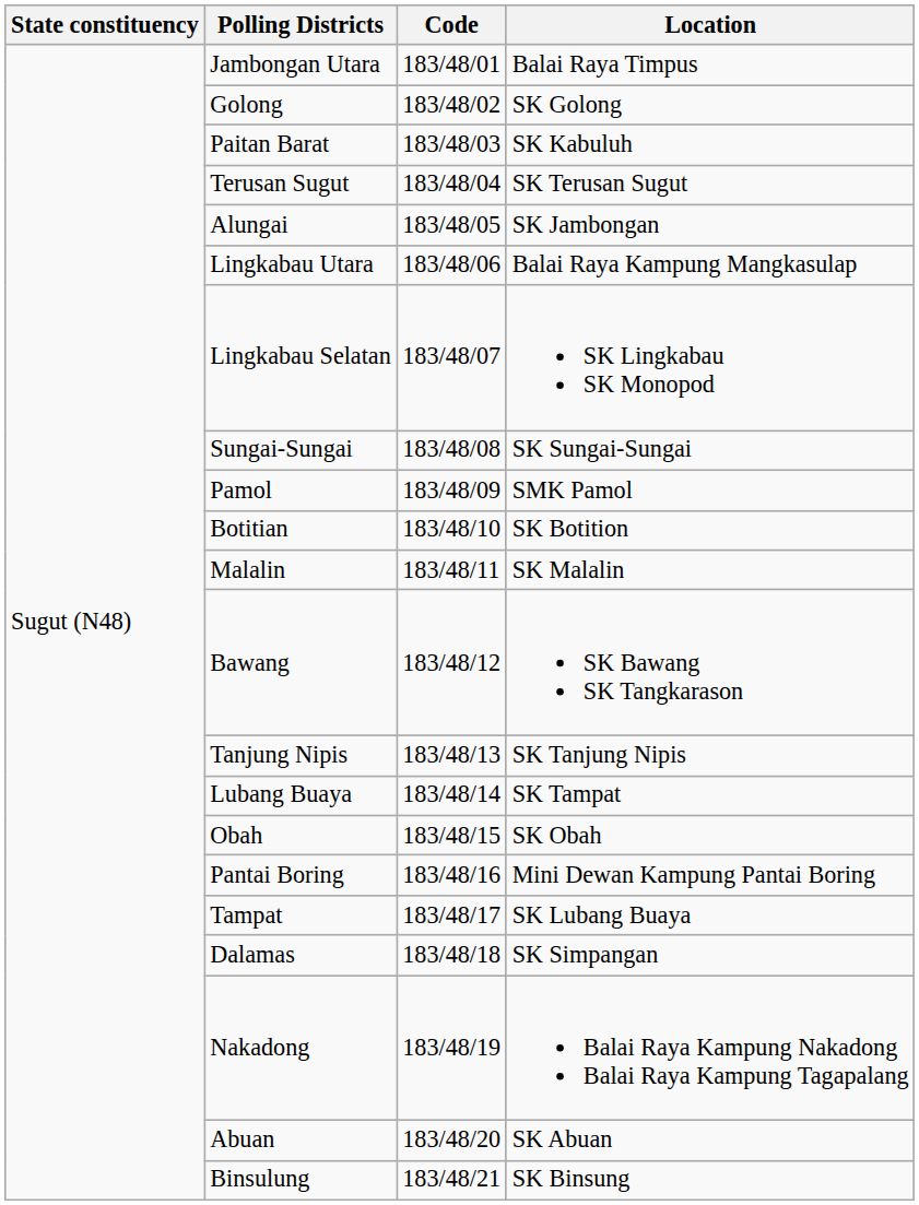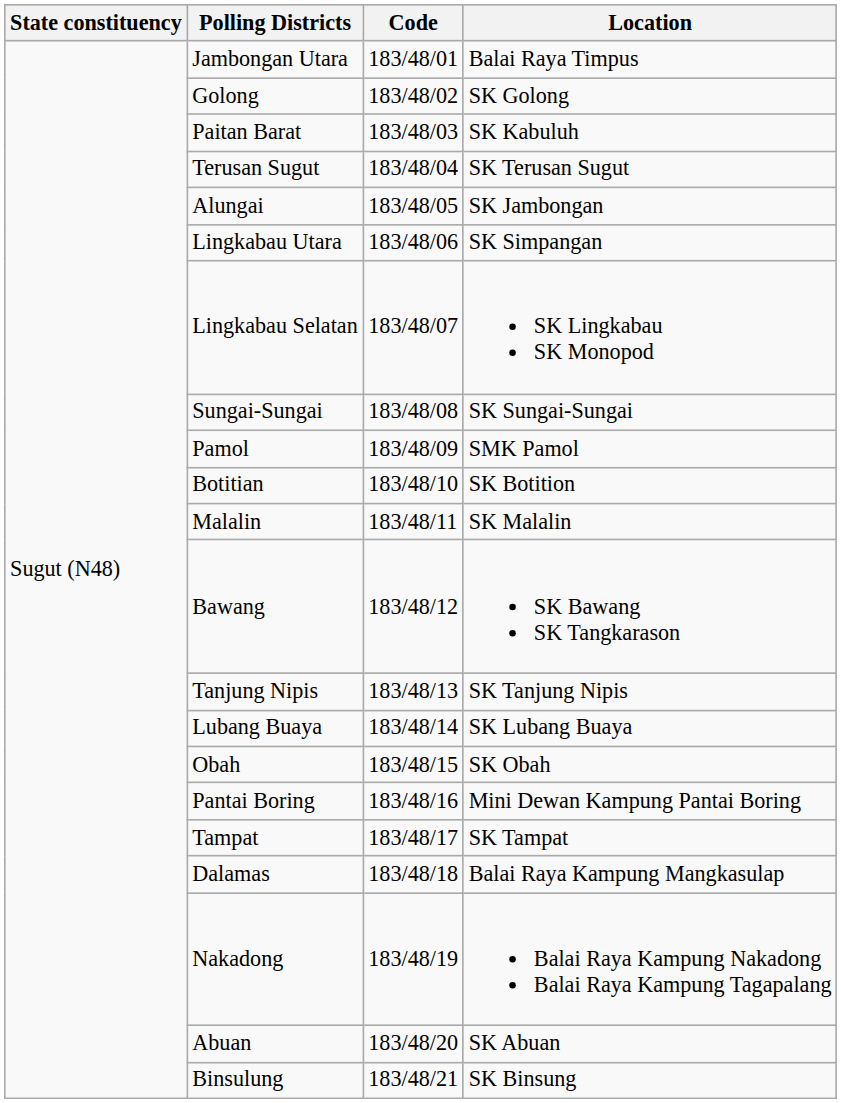 <table class="wikitable sortable mw-collapsible" style="white-space:nowrap;font-size:85%">
 <tr>
 <th>State constituency</th>
 <th>Polling Districts</th>
 <th>Code</th>
 <th>Location</th>
 </tr>
 <tr>
 <td rowspan="21">Sugut (N48)</td>
 <td>Jambongan Utara</td>
 <td>183/48/01</td>
 <td>Balai Raya Timpus</td>
 </tr>
 <tr>
 <td>Golong</td>
 <td>183/48/02</td>
 <td>SK Golong</td>
 </tr>
 <tr>
 <td>Paitan Barat</td>
 <td>183/48/03</td>
 <td>SK Kabuluh</td>
 </tr>
 <tr>
 <td>Terusan Sugut</td>
 <td>183/48/04</td>
 <td>SK Terusan Sugut</td>
 </tr>
 <tr>
 <td>Alungai</td>
 <td>183/48/05</td>
 <td>SK Jambongan</td>
 </tr>
 <tr>
 <td>Lingkabau Utara</td>
 <td>183/48/06</td>
-<td>Balai Raya Kampung Mangkasulap</td>
+<td>SK Simpangan</td>
 </tr>
 <tr>
 <td>Lingkabau Selatan</td>
 <td>183/48/07</td>
 <td><br><ul><li>SK Lingkabau</li><li>SK Monopod</li></ul></td>
 </tr>
 <tr>
 <td>Sungai-Sungai</td>
 <td>183/48/08</td>
 <td>SK Sungai-Sungai</td>
 </tr>
 <tr>
 <td>Pamol</td>
 <td>183/48/09</td>
 <td>SMK Pamol</td>
 </tr>
 <tr>
 <td>Botitian</td>
 <td>183/48/10</td>
 <td>SK Botition</td>
 </tr>
 <tr>
 <td>Malalin</td>
 <td>183/48/11</td>
 <td>SK Malalin</td>
 </tr>
 <tr>
 <td>Bawang</td>
 <td>183/48/12</td>
 <td><br><ul><li>SK Bawang</li><li>SK Tangkarason</li></ul></td>
 </tr>
 <tr>
 <td>Tanjung Nipis</td>
 <td>183/48/13</td>
 <td>SK Tanjung Nipis</td>
 </tr>
 <tr>
 <td>Lubang Buaya</td>
 <td>183/48/14</td>
-<td>SK Tampat</td>
+<td>SK Lubang Buaya</td>
 </tr>
 <tr>
 <td>Obah</td>
 <td>183/48/15</td>
 <td>SK Obah</td>
 </tr>
 <tr>
 <td>Pantai Boring</td>
 <td>183/48/16</td>
 <td>Mini Dewan Kampung Pantai Boring</td>
 </tr>
 <tr>
 <td>Tampat</td>
 <td>183/48/17</td>
-<td>SK Lubang Buaya</td>
+<td>SK Tampat</td>
 </tr>
 <tr>
 <td>Dalamas</td>
 <td>183/48/18</td>
-<td>SK Simpangan</td>
+<td>Balai Raya Kampung Mangkasulap</td>
 </tr>
 <tr>
 <td>Nakadong</td>
 <td>183/48/19</td>
 <td><br><ul><li>Balai Raya Kampung Nakadong</li><li>Balai Raya Kampung Tagapalang</li></ul></td>
 </tr>
 <tr>
 <td>Abuan</td>
 <td>183/48/20</td>
 <td>SK Abuan</td>
 </tr>
 <tr>
 <td>Binsulung</td>
 <td>183/48/21</td>
 <td>SK Binsung</td>
 </tr>
 <tr>
 </tr>
 </table>
